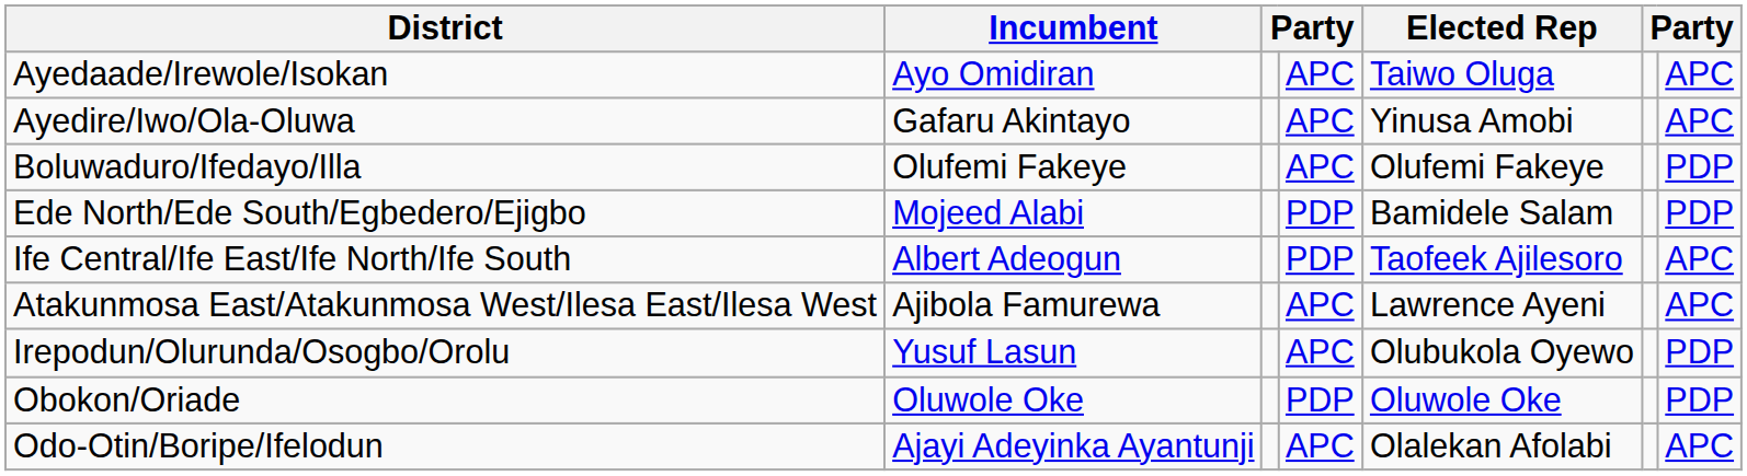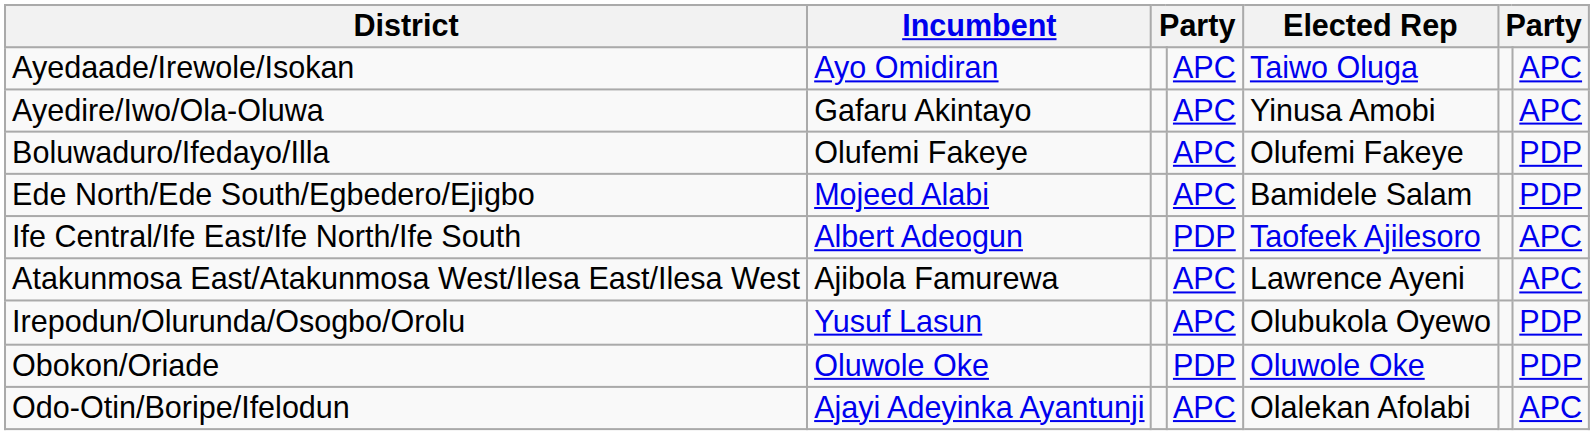 <table class="sortable wikitable" style="font-size:95%;line-height:14px;">
 <tr>
 <th class="unsortable">District</th>
 <th class="unsortable"><a href='#'>Incumbent</a></th>
 <th colspan="2">Party</th>
 <th class="unsortable">Elected Rep</th>
 <th colspan="2">Party</th>
 </tr>
 <tr>
 <td>Ayedaade/Irewole/Isokan</td>
 <td><a href='#'>Ayo Omidiran</a></td>
 <td style="background:"></td>
 <td><a href='#'>APC</a></td>
 <td><a href='#'>Taiwo Oluga</a></td>
 <td style="background:"></td>
 <td><a href='#'>APC</a></td>
 </tr>
 <tr>
 <td>Ayedire/Iwo/Ola-Oluwa</td>
 <td>Gafaru Akintayo</td>
 <td style="background:"></td>
 <td><a href='#'>APC</a></td>
 <td>Yinusa Amobi</td>
 <td style="background:"></td>
 <td><a href='#'>APC</a></td>
 </tr>
 <tr>
 <td>Boluwaduro/Ifedayo/Illa</td>
 <td>Olufemi Fakeye</td>
 <td style="background:"></td>
 <td><a href='#'>APC</a></td>
 <td>Olufemi Fakeye</td>
 <td style="background:"></td>
 <td><a href='#'>PDP</a></td>
 </tr>
 <tr>
 <td>Ede North/Ede South/Egbedero/Ejigbo</td>
 <td><a href='#'>Mojeed Alabi</a></td>
 <td style="background:"></td>
-<td><a href='#'>PDP</a></td>
+<td><a href='#'>APC</a></td>
 <td>Bamidele Salam</td>
 <td style="background:"></td>
 <td><a href='#'>PDP</a></td>
 </tr>
 <tr>
 <td>Ife Central/Ife East/Ife North/Ife South</td>
 <td><a href='#'>Albert Adeogun</a></td>
 <td style="background:"></td>
 <td><a href='#'>PDP</a></td>
 <td><a href='#'>Taofeek Ajilesoro</a></td>
 <td style="background:"></td>
 <td><a href='#'>APC</a></td>
 </tr>
 <tr>
 <td>Atakunmosa East/Atakunmosa West/Ilesa East/Ilesa West</td>
 <td>Ajibola Famurewa</td>
 <td style="background:"></td>
 <td><a href='#'>APC</a></td>
 <td>Lawrence Ayeni</td>
 <td style="background:"></td>
 <td><a href='#'>APC</a></td>
 </tr>
 <tr>
 <td>Irepodun/Olurunda/Osogbo/Orolu</td>
 <td><a href='#'>Yusuf Lasun</a></td>
 <td style="background:"></td>
 <td><a href='#'>APC</a></td>
 <td>Olubukola Oyewo</td>
 <td style="background:"></td>
 <td><a href='#'>PDP</a></td>
 </tr>
 <tr>
 <td>Obokon/Oriade</td>
 <td><a href='#'>Oluwole Oke</a></td>
 <td style="background:"></td>
 <td><a href='#'>PDP</a></td>
 <td><a href='#'>Oluwole Oke</a></td>
 <td style="background:"></td>
 <td><a href='#'>PDP</a></td>
 </tr>
 <tr>
 <td>Odo-Otin/Boripe/Ifelodun</td>
 <td><a href='#'>Ajayi Adeyinka Ayantunji</a></td>
 <td style="background:"></td>
 <td><a href='#'>APC</a></td>
 <td>Olalekan Afolabi</td>
 <td style="background:"></td>
 <td><a href='#'>APC</a></td>
 </tr>
 </table>
